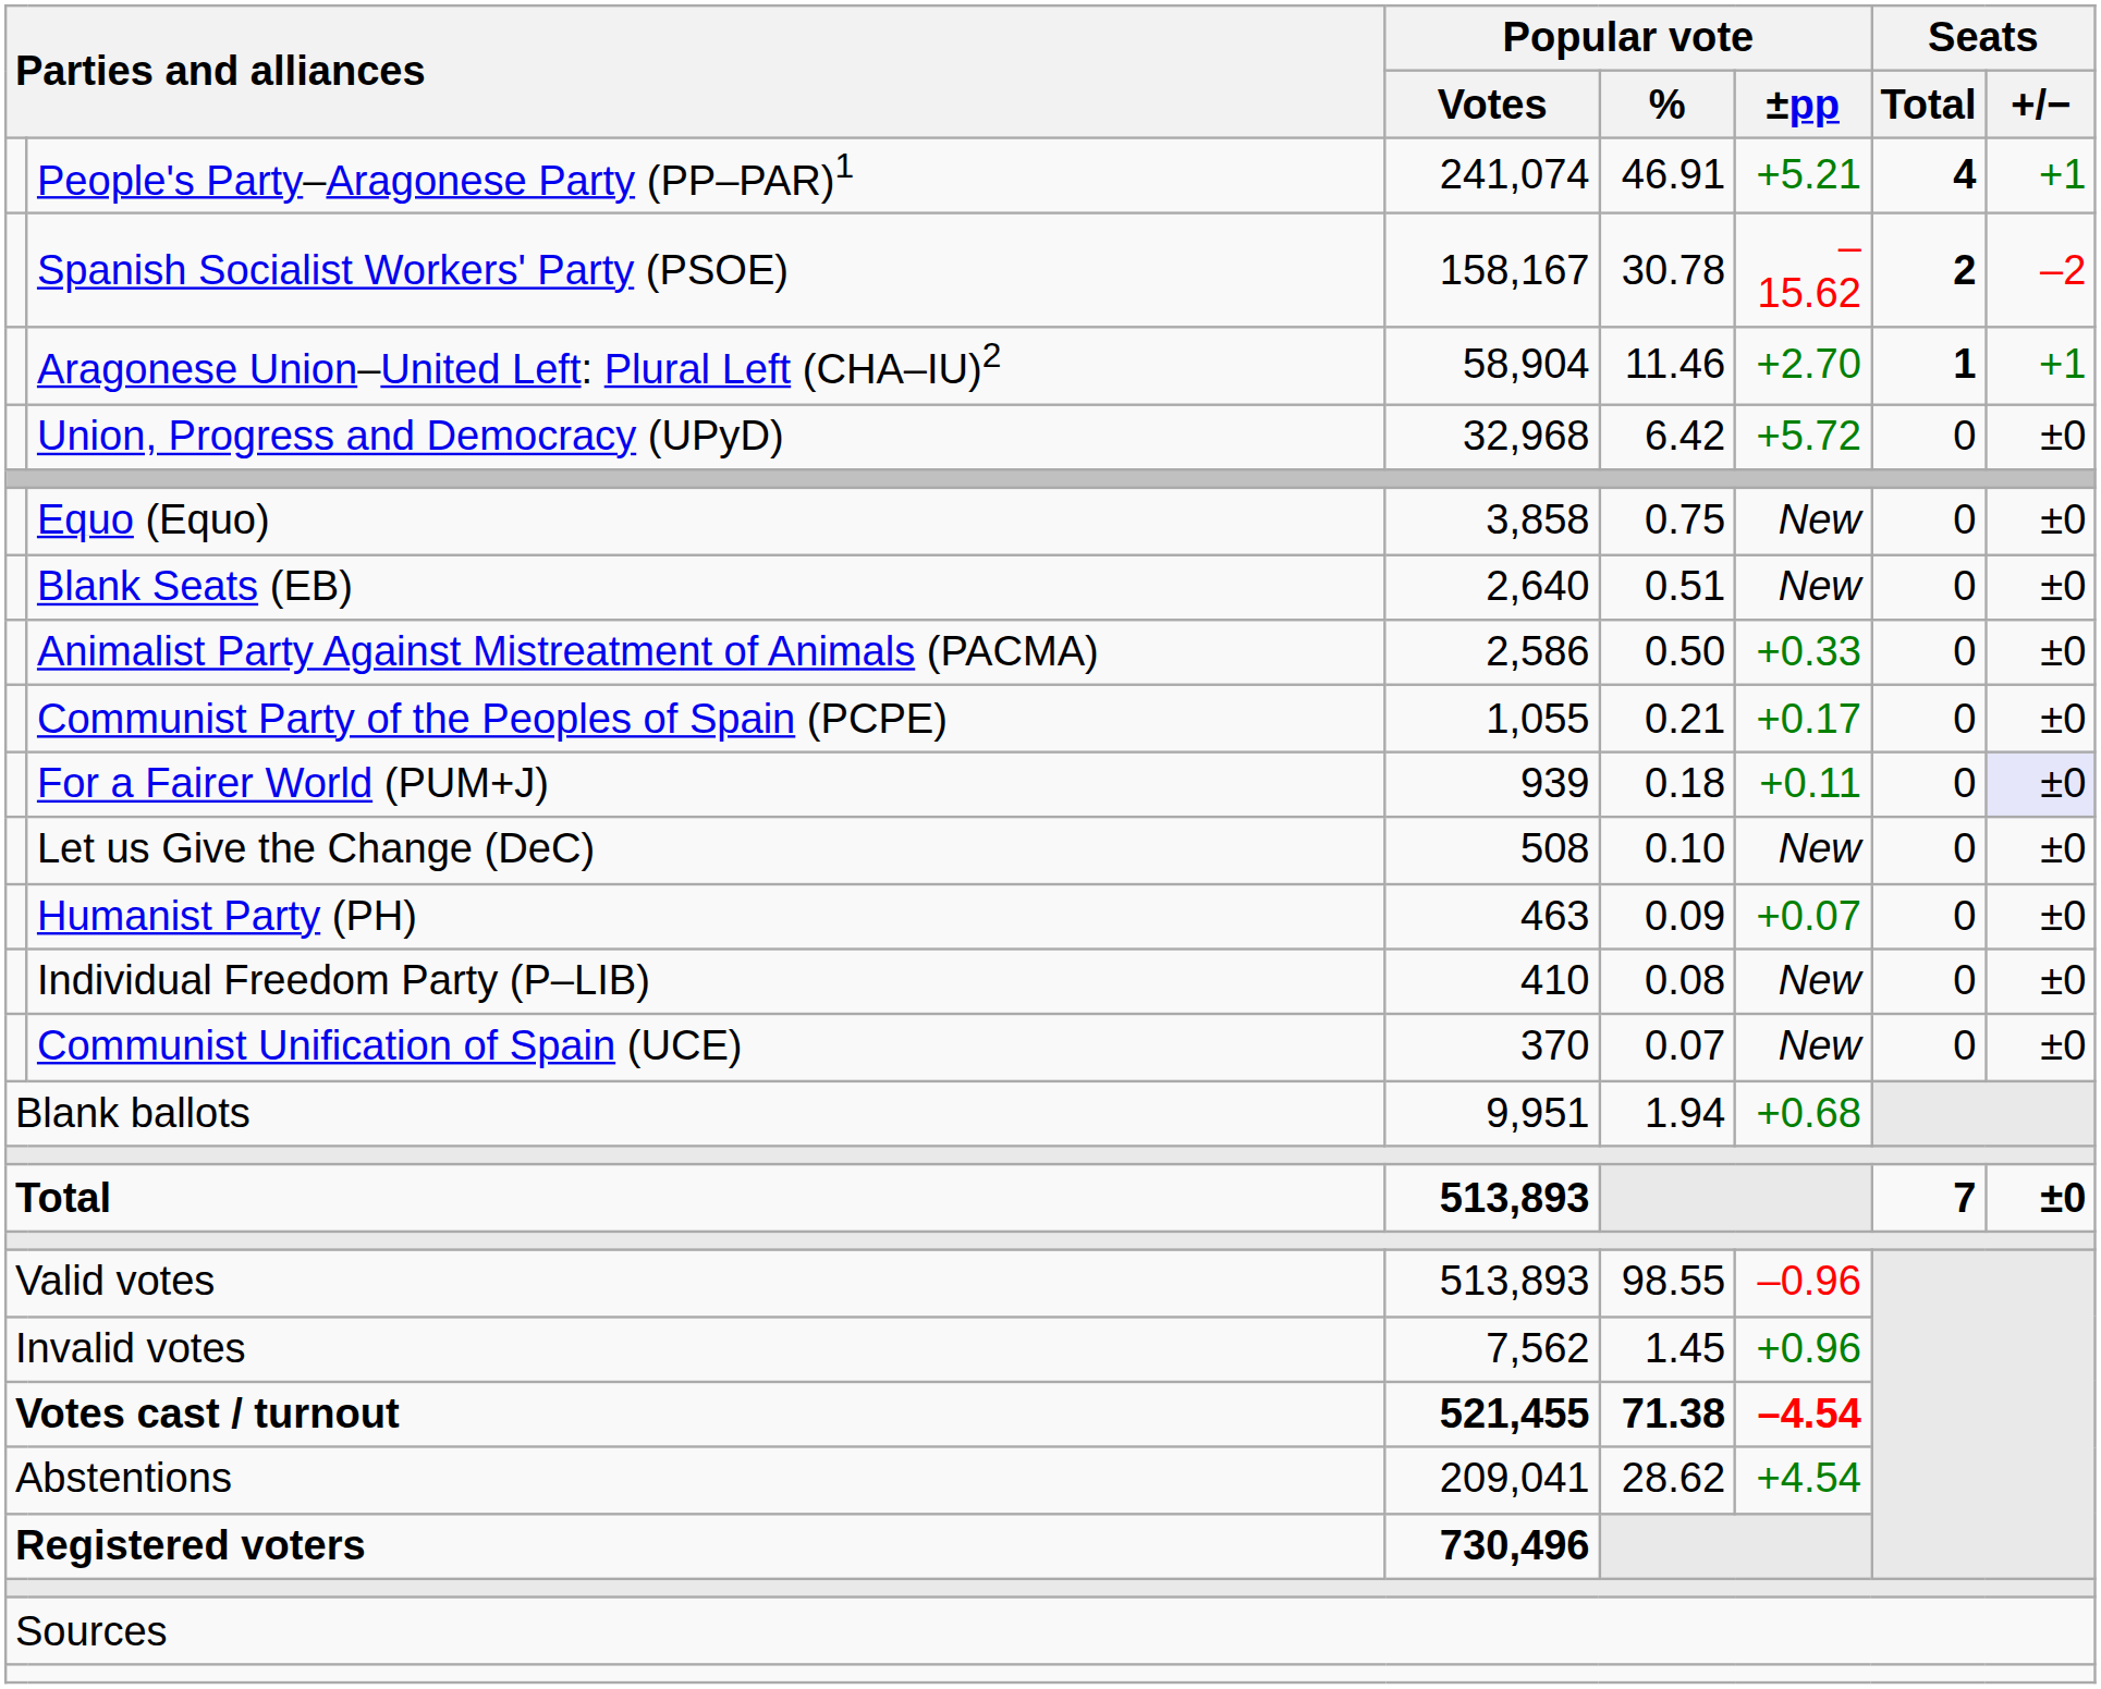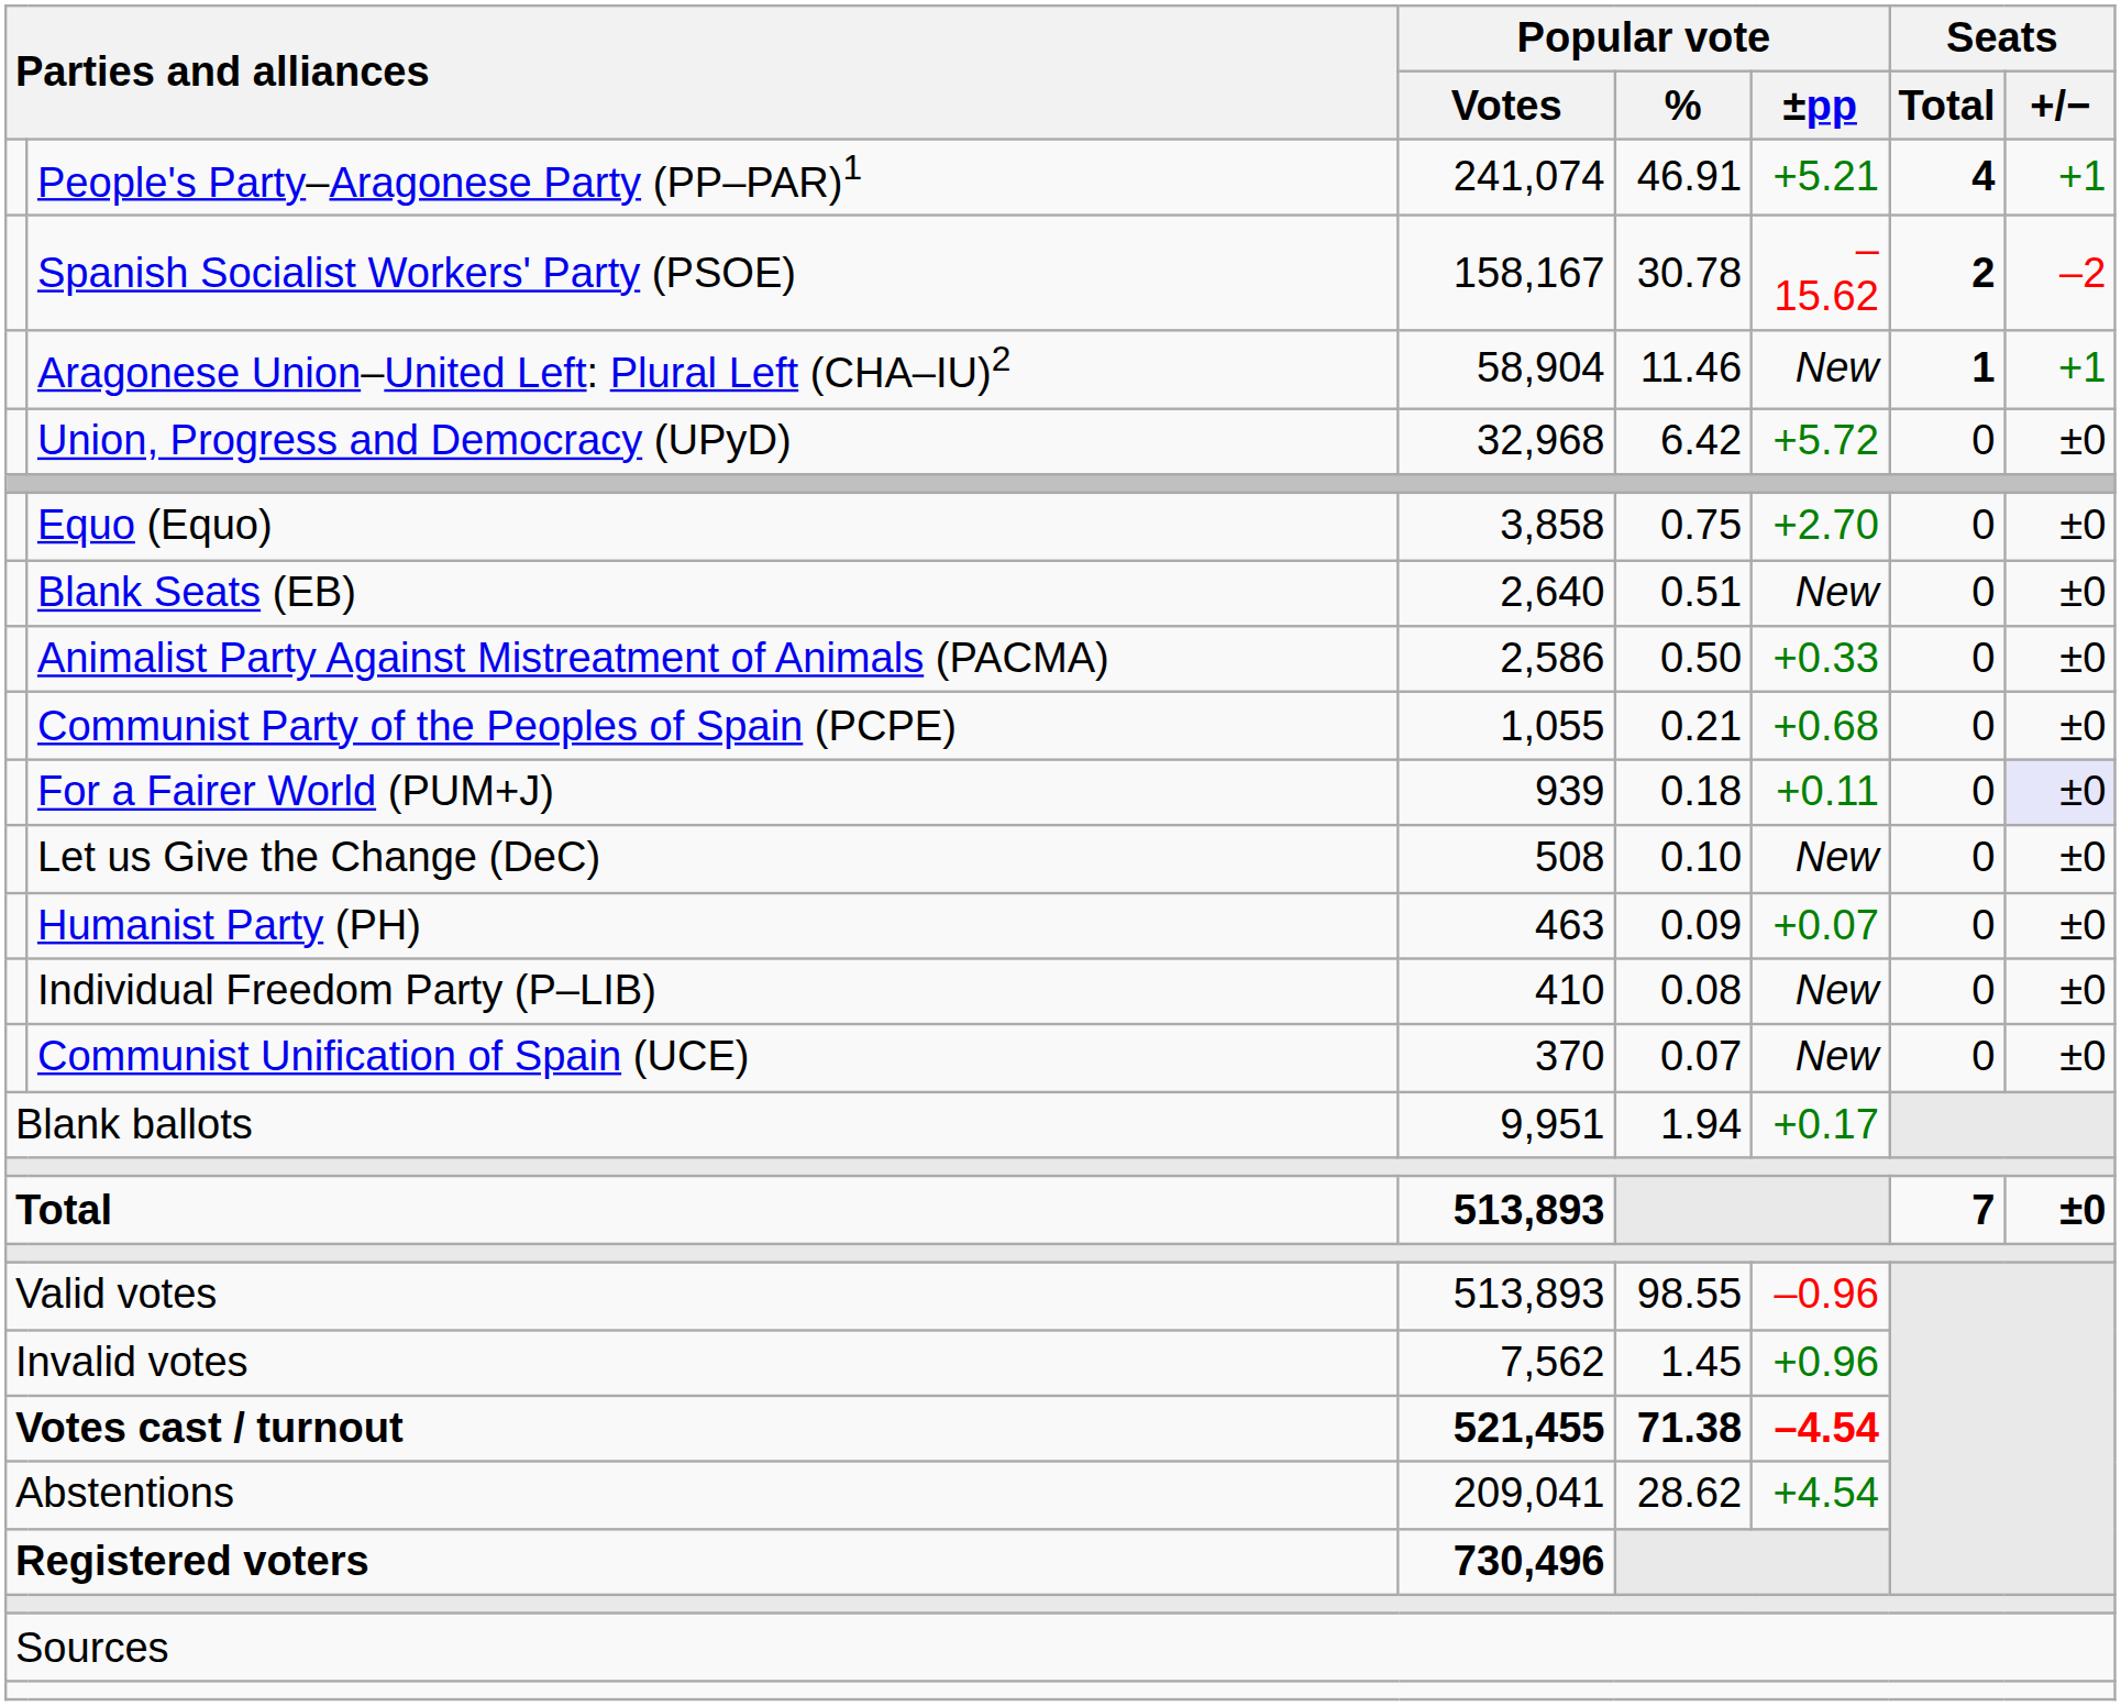 <table class="wikitable" style="text-align:right;">
 <tr>
 <th style="text-align:left;" rowspan="2" colspan="2" width="525">Parties and alliances</th>
 <th colspan="3">Popular vote</th>
 <th colspan="2">Seats</th>
 </tr>
 <tr>
 <th width="75">Votes</th>
 <th width="45">%</th>
 <th width="45">±<a href='#'>pp</a></th>
 <th width="35">Total</th>
 <th width="35">+/−</th>
 </tr>
 <tr>
 <td width="1" style="color:inherit;background:"></td>
 <td align="left"><a href='#'>People's Party</a>–<a href='#'>Aragonese Party</a> (PP–PAR)<sup>1</sup></td>
 <td>241,074</td>
 <td>46.91</td>
 <td style="color:green;">+5.21</td>
 <td><strong>4</strong></td>
 <td style="color:green;">+1</td>
 </tr>
 <tr>
 <td style="color:inherit;background:"></td>
 <td align="left"><a href='#'>Spanish Socialist Workers' Party</a> (PSOE)</td>
 <td>158,167</td>
 <td>30.78</td>
 <td style="color:red;">–15.62</td>
 <td><strong>2</strong></td>
 <td style="color:red;">–2</td>
 </tr>
 <tr>
 <td style="color:inherit;background:"></td>
 <td align="left"><a href='#'>Aragonese Union</a>–<a href='#'>United Left</a>: <a href='#'>Plural Left</a> (CHA–IU)<sup>2</sup></td>
 <td>58,904</td>
 <td>11.46</td>
-<td style="color:green;">+2.70</td>
+<td><em>New</em></td>
 <td><strong>1</strong></td>
 <td style="color:green;">+1</td>
 </tr>
 <tr>
 <td style="color:inherit;background:"></td>
 <td align="left"><a href='#'>Union, Progress and Democracy</a> (UPyD)</td>
 <td>32,968</td>
 <td>6.42</td>
 <td style="color:green;">+5.72</td>
 <td>0</td>
 <td>±0</td>
 </tr>
 <tr>
 <td colspan="7" bgcolor="#C0C0C0"></td>
 </tr>
 <tr>
 <td style="color:inherit;background:"></td>
 <td align="left"><a href='#'>Equo</a> (Equo)</td>
 <td>3,858</td>
 <td>0.75</td>
-<td><em>New</em></td>
+<td style="color:green;">+2.70</td>
 <td>0</td>
 <td>±0</td>
 </tr>
 <tr>
 <td style="color:inherit;background:"></td>
 <td align="left"><a href='#'>Blank Seats</a> (EB)</td>
 <td>2,640</td>
 <td>0.51</td>
 <td><em>New</em></td>
 <td>0</td>
 <td>±0</td>
 </tr>
 <tr>
 <td style="color:inherit;background:"></td>
 <td align="left"><a href='#'>Animalist Party Against Mistreatment of Animals</a> (PACMA)</td>
 <td>2,586</td>
 <td>0.50</td>
 <td style="color:green;">+0.33</td>
 <td>0</td>
 <td>±0</td>
 </tr>
 <tr>
 <td style="color:inherit;background:"></td>
 <td align="left"><a href='#'>Communist Party of the Peoples of Spain</a> (PCPE)</td>
 <td>1,055</td>
 <td>0.21</td>
-<td style="color:green;">+0.17</td>
+<td style="color:green;">+0.68</td>
 <td>0</td>
 <td>±0</td>
 </tr>
 <tr>
 <td style="color:inherit;background:"></td>
 <td align="left"><a href='#'>For a Fairer World</a> (PUM+J)</td>
 <td>939</td>
 <td>0.18</td>
 <td style="color:green;">+0.11</td>
 <td>0</td>
 <td style="background: lavender;">±0</td>
 </tr>
 <tr>
 <td style="color:inherit;background:"></td>
 <td align="left">Let us Give the Change (DeC)</td>
 <td>508</td>
 <td>0.10</td>
 <td><em>New</em></td>
 <td>0</td>
 <td>±0</td>
 </tr>
 <tr>
 <td style="color:inherit;background:"></td>
 <td align="left"><a href='#'>Humanist Party</a> (PH)</td>
 <td>463</td>
 <td>0.09</td>
 <td style="color:green;">+0.07</td>
 <td>0</td>
 <td>±0</td>
 </tr>
 <tr>
 <td style="color:inherit;background:"></td>
 <td align="left">Individual Freedom Party (P–LIB)</td>
 <td>410</td>
 <td>0.08</td>
 <td><em>New</em></td>
 <td>0</td>
 <td>±0</td>
 </tr>
 <tr>
 <td style="color:inherit;background:"></td>
 <td align="left"><a href='#'>Communist Unification of Spain</a> (UCE)</td>
 <td>370</td>
 <td>0.07</td>
 <td><em>New</em></td>
 <td>0</td>
 <td>±0</td>
 </tr>
 <tr>
 <td align="left" colspan="2">Blank ballots</td>
 <td>9,951</td>
 <td>1.94</td>
-<td style="color:green;">+0.68</td>
+<td style="color:green;">+0.17</td>
 <td bgcolor="#E9E9E9" colspan="2"></td>
 </tr>
 <tr>
 <td colspan="7" bgcolor="#E9E9E9"></td>
 </tr>
 <tr style="font-weight:bold;">
 <td align="left" colspan="2">Total</td>
 <td>513,893</td>
 <td bgcolor="#E9E9E9" colspan="2"></td>
 <td>7</td>
 <td>±0</td>
 </tr>
 <tr>
 <td colspan="7" bgcolor="#E9E9E9"></td>
 </tr>
 <tr>
 <td align="left" colspan="2">Valid votes</td>
 <td>513,893</td>
 <td>98.55</td>
 <td style="color:red;">–0.96</td>
 <td bgcolor="#E9E9E9" colspan="2" rowspan="5"></td>
 </tr>
 <tr>
 <td align="left" colspan="2">Invalid votes</td>
 <td>7,562</td>
 <td>1.45</td>
 <td style="color:green;">+0.96</td>
 </tr>
 <tr style="font-weight:bold;">
 <td align="left" colspan="2">Votes cast / turnout</td>
 <td>521,455</td>
 <td>71.38</td>
 <td style="color:red;">–4.54</td>
 </tr>
 <tr>
 <td align="left" colspan="2">Abstentions</td>
 <td>209,041</td>
 <td>28.62</td>
 <td style="color:green;">+4.54</td>
 </tr>
 <tr style="font-weight:bold;">
 <td align="left" colspan="2">Registered voters</td>
 <td>730,496</td>
 <td bgcolor="#E9E9E9" colspan="2"></td>
 </tr>
 <tr>
 <td colspan="7" bgcolor="#E9E9E9"></td>
 </tr>
 <tr>
 <td align="left" colspan="7">Sources</td>
 </tr>
 <tr>
 <td colspan="7" style="text-align:left; max-width:790px;"></td>
 </tr>
 </table>
